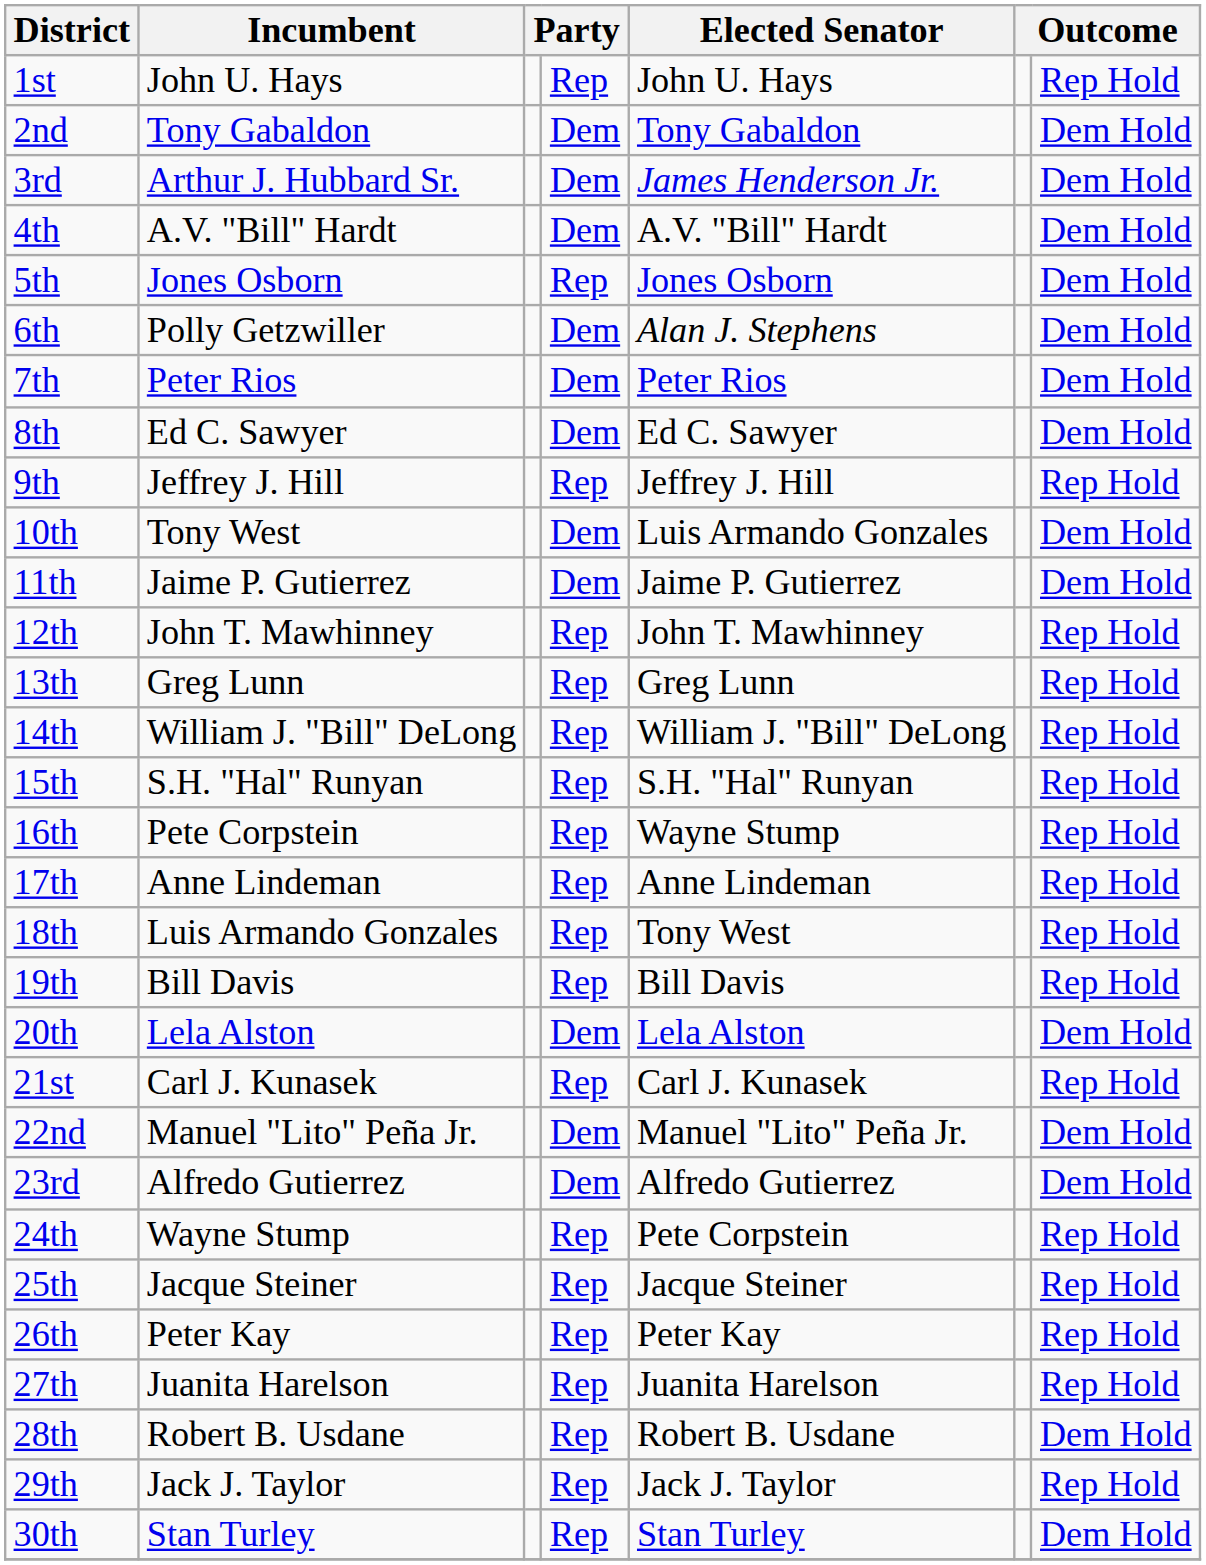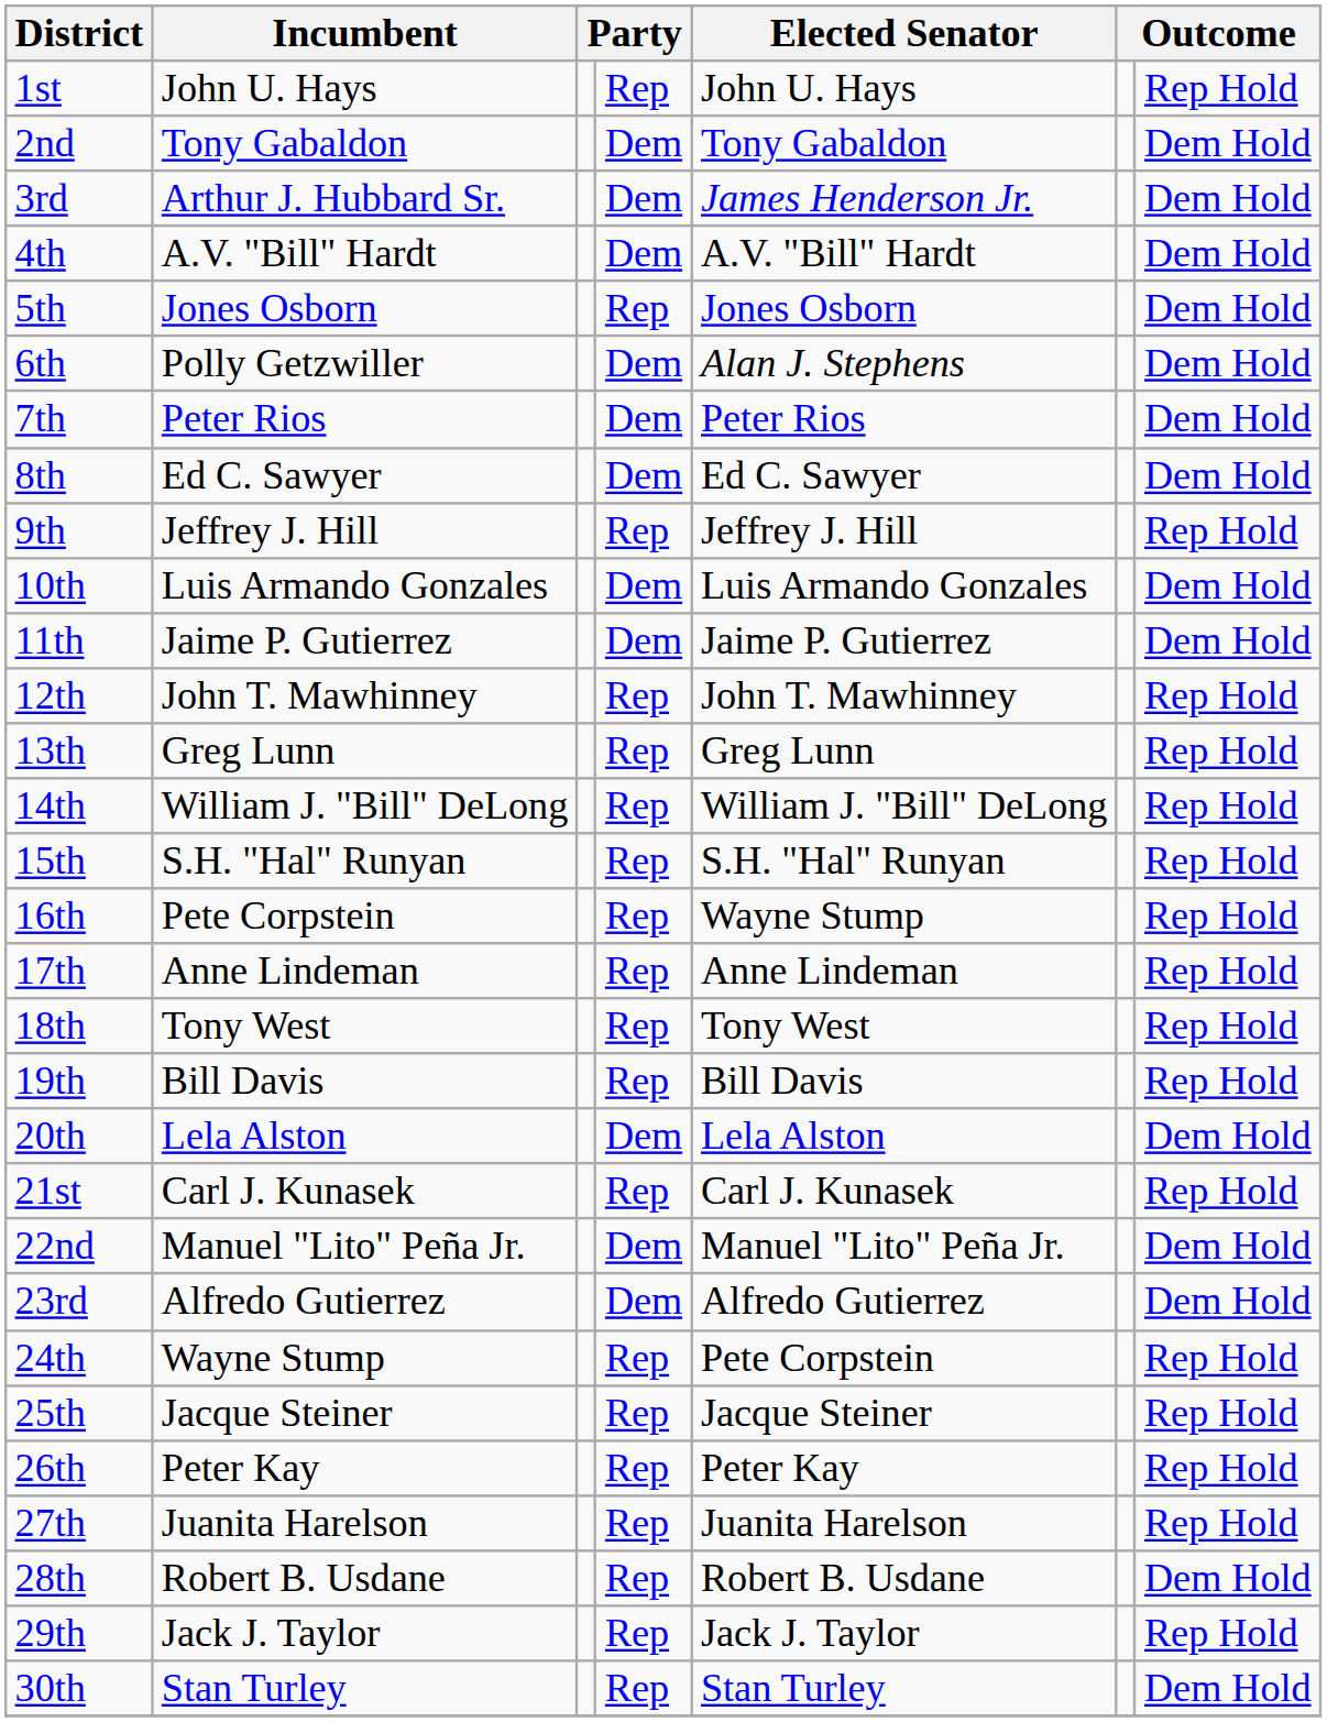 <table class="sortable wikitable" style="font-size:95%;line-height:14px;">
 <tr>
 <th>District</th>
 <th>Incumbent</th>
 <th colspan="2">Party</th>
 <th>Elected Senator</th>
 <th colspan="2">Outcome</th>
 </tr>
 <tr>
 <td><a href='#'>1st</a></td>
 <td>John U. Hays</td>
 <td style="background:"></td>
 <td><a href='#'>Rep</a></td>
 <td>John U. Hays</td>
 <td style="background:"></td>
 <td><a href='#'>Rep Hold</a></td>
 </tr>
 <tr>
 <td><a href='#'>2nd</a></td>
 <td><a href='#'>Tony Gabaldon</a></td>
 <td style="background:"></td>
 <td><a href='#'>Dem</a></td>
 <td><a href='#'>Tony Gabaldon</a></td>
 <td style="background:"></td>
 <td><a href='#'>Dem Hold</a></td>
 </tr>
 <tr>
 <td><a href='#'>3rd</a></td>
 <td><a href='#'>Arthur J. Hubbard Sr.</a></td>
 <td style="background:"></td>
 <td><a href='#'>Dem</a></td>
 <td><em><a href='#'>James Henderson Jr.</a></em></td>
 <td style="background:"></td>
 <td><a href='#'>Dem Hold</a></td>
 </tr>
 <tr>
 <td><a href='#'>4th</a></td>
 <td>A.V. "Bill" Hardt</td>
 <td style="background:"></td>
 <td><a href='#'>Dem</a></td>
 <td>A.V. "Bill" Hardt</td>
 <td style="background:"></td>
 <td><a href='#'>Dem Hold</a></td>
 </tr>
 <tr>
 <td><a href='#'>5th</a></td>
 <td><a href='#'>Jones Osborn</a></td>
 <td style="background:"></td>
 <td><a href='#'>Rep</a></td>
 <td><a href='#'>Jones Osborn</a></td>
 <td style="background:"></td>
 <td><a href='#'>Dem Hold</a></td>
 </tr>
 <tr>
 <td><a href='#'>6th</a></td>
 <td>Polly Getzwiller</td>
 <td style="background:"></td>
 <td><a href='#'>Dem</a></td>
 <td><em>Alan J. Stephens</em></td>
 <td style="background:"></td>
 <td><a href='#'>Dem Hold</a></td>
 </tr>
 <tr>
 <td><a href='#'>7th</a></td>
 <td><a href='#'>Peter Rios</a></td>
 <td style="background:"></td>
 <td><a href='#'>Dem</a></td>
 <td><a href='#'>Peter Rios</a></td>
 <td style="background:"></td>
 <td><a href='#'>Dem Hold</a></td>
 </tr>
 <tr>
 <td><a href='#'>8th</a></td>
 <td>Ed C. Sawyer</td>
 <td style="background:"></td>
 <td><a href='#'>Dem</a></td>
 <td>Ed C. Sawyer</td>
 <td style="background:"></td>
 <td><a href='#'>Dem Hold</a></td>
 </tr>
 <tr>
 <td><a href='#'>9th</a></td>
 <td>Jeffrey J. Hill</td>
 <td style="background:"></td>
 <td><a href='#'>Rep</a></td>
 <td>Jeffrey J. Hill</td>
 <td style="background:"></td>
 <td><a href='#'>Rep Hold</a></td>
 </tr>
 <tr>
 <td><a href='#'>10th</a></td>
-<td>Tony West</td>
+<td>Luis Armando Gonzales</td>
 <td style="background:"></td>
 <td><a href='#'>Dem</a></td>
 <td>Luis Armando Gonzales</td>
 <td style="background:"></td>
 <td><a href='#'>Dem Hold</a></td>
 </tr>
 <tr>
 <td><a href='#'>11th</a></td>
 <td>Jaime P. Gutierrez</td>
 <td style="background:"></td>
 <td><a href='#'>Dem</a></td>
 <td>Jaime P. Gutierrez</td>
 <td style="background:"></td>
 <td><a href='#'>Dem Hold</a></td>
 </tr>
 <tr>
 <td><a href='#'>12th</a></td>
 <td>John T. Mawhinney</td>
 <td style="background:"></td>
 <td><a href='#'>Rep</a></td>
 <td>John T. Mawhinney</td>
 <td style="background:"></td>
 <td><a href='#'>Rep Hold</a></td>
 </tr>
 <tr>
 <td><a href='#'>13th</a></td>
 <td>Greg Lunn</td>
 <td style="background:"></td>
 <td><a href='#'>Rep</a></td>
 <td>Greg Lunn</td>
 <td style="background:"></td>
 <td><a href='#'>Rep Hold</a></td>
 </tr>
 <tr>
 <td><a href='#'>14th</a></td>
 <td>William J. "Bill" DeLong</td>
 <td style="background:"></td>
 <td><a href='#'>Rep</a></td>
 <td>William J. "Bill" DeLong</td>
 <td style="background:"></td>
 <td><a href='#'>Rep Hold</a></td>
 </tr>
 <tr>
 <td><a href='#'>15th</a></td>
 <td>S.H. "Hal" Runyan</td>
 <td style="background:"></td>
 <td><a href='#'>Rep</a></td>
 <td>S.H. "Hal" Runyan</td>
 <td style="background:"></td>
 <td><a href='#'>Rep Hold</a></td>
 </tr>
 <tr>
 <td><a href='#'>16th</a></td>
 <td>Pete Corpstein</td>
 <td style="background:"></td>
 <td><a href='#'>Rep</a></td>
 <td>Wayne Stump</td>
 <td style="background:"></td>
 <td><a href='#'>Rep Hold</a></td>
 </tr>
 <tr>
 <td><a href='#'>17th</a></td>
 <td>Anne Lindeman</td>
 <td style="background:"></td>
 <td><a href='#'>Rep</a></td>
 <td>Anne Lindeman</td>
 <td style="background:"></td>
 <td><a href='#'>Rep Hold</a></td>
 </tr>
 <tr>
 <td><a href='#'>18th</a></td>
-<td>Luis Armando Gonzales</td>
+<td>Tony West</td>
 <td style="background:"></td>
 <td><a href='#'>Rep</a></td>
 <td>Tony West</td>
 <td style="background:"></td>
 <td><a href='#'>Rep Hold</a></td>
 </tr>
 <tr>
 <td><a href='#'>19th</a></td>
 <td>Bill Davis</td>
 <td style="background:"></td>
 <td><a href='#'>Rep</a></td>
 <td>Bill Davis</td>
 <td style="background:"></td>
 <td><a href='#'>Rep Hold</a></td>
 </tr>
 <tr>
 <td><a href='#'>20th</a></td>
 <td><a href='#'>Lela Alston</a></td>
 <td style="background:"></td>
 <td><a href='#'>Dem</a></td>
 <td><a href='#'>Lela Alston</a></td>
 <td style="background:"></td>
 <td><a href='#'>Dem Hold</a></td>
 </tr>
 <tr>
 <td><a href='#'>21st</a></td>
 <td>Carl J. Kunasek</td>
 <td style="background:"></td>
 <td><a href='#'>Rep</a></td>
 <td>Carl J. Kunasek</td>
 <td style="background:"></td>
 <td><a href='#'>Rep Hold</a></td>
 </tr>
 <tr>
 <td><a href='#'>22nd</a></td>
 <td>Manuel "Lito" Peña Jr.</td>
 <td style="background:"></td>
 <td><a href='#'>Dem</a></td>
 <td>Manuel "Lito" Peña Jr.</td>
 <td style="background:"></td>
 <td><a href='#'>Dem Hold</a></td>
 </tr>
 <tr>
 <td><a href='#'>23rd</a></td>
 <td>Alfredo Gutierrez</td>
 <td style="background:"></td>
 <td><a href='#'>Dem</a></td>
 <td>Alfredo Gutierrez</td>
 <td style="background:"></td>
 <td><a href='#'>Dem Hold</a></td>
 </tr>
 <tr>
 <td><a href='#'>24th</a></td>
 <td>Wayne Stump</td>
 <td style="background:"></td>
 <td><a href='#'>Rep</a></td>
 <td>Pete Corpstein</td>
 <td style="background:"></td>
 <td><a href='#'>Rep Hold</a></td>
 </tr>
 <tr>
 <td><a href='#'>25th</a></td>
 <td>Jacque Steiner</td>
 <td style="background:"></td>
 <td><a href='#'>Rep</a></td>
 <td>Jacque Steiner</td>
 <td style="background:"></td>
 <td><a href='#'>Rep Hold</a></td>
 </tr>
 <tr>
 <td><a href='#'>26th</a></td>
 <td>Peter Kay</td>
 <td style="background:"></td>
 <td><a href='#'>Rep</a></td>
 <td>Peter Kay</td>
 <td style="background:"></td>
 <td><a href='#'>Rep Hold</a></td>
 </tr>
 <tr>
 <td><a href='#'>27th</a></td>
 <td>Juanita Harelson</td>
 <td style="background:"></td>
 <td><a href='#'>Rep</a></td>
 <td>Juanita Harelson</td>
 <td style="background:"></td>
 <td><a href='#'>Rep Hold</a></td>
 </tr>
 <tr>
 <td><a href='#'>28th</a></td>
 <td>Robert B. Usdane</td>
 <td style="background:"></td>
 <td><a href='#'>Rep</a></td>
 <td>Robert B. Usdane</td>
 <td style="background:"></td>
 <td><a href='#'>Dem Hold</a></td>
 </tr>
 <tr>
 <td><a href='#'>29th</a></td>
 <td>Jack J. Taylor</td>
 <td style="background:"></td>
 <td><a href='#'>Rep</a></td>
 <td>Jack J. Taylor</td>
 <td style="background:"></td>
 <td><a href='#'>Rep Hold</a></td>
 </tr>
 <tr>
 <td><a href='#'>30th</a></td>
 <td><a href='#'>Stan Turley</a></td>
 <td style="background:"></td>
 <td><a href='#'>Rep</a></td>
 <td><a href='#'>Stan Turley</a></td>
 <td style="background:"></td>
 <td><a href='#'>Dem Hold</a></td>
 </tr>
 <tr>
 </tr>
 </table>
